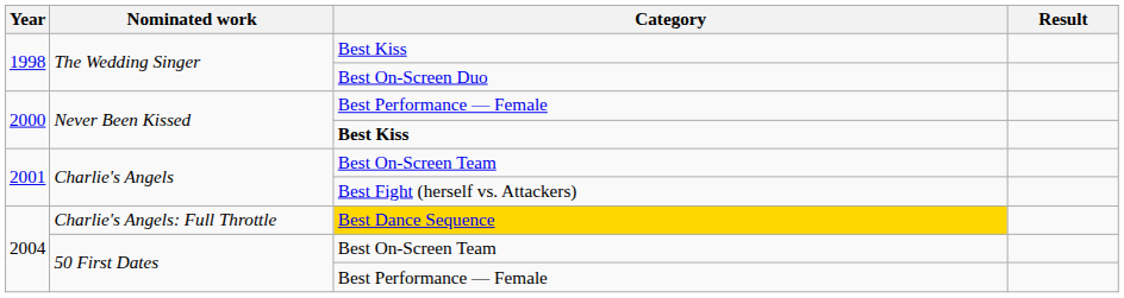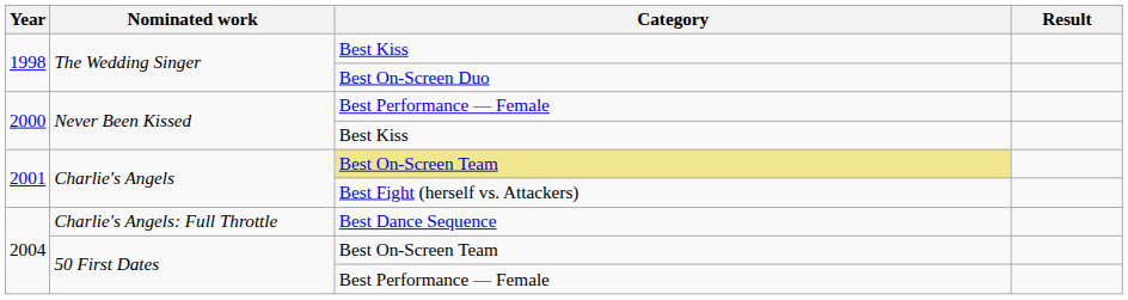 <table class=wikitable>
 <tr>
 <th width=4%>Year</th>
 <th width=25.5%>Nominated work</th>
 <th width=60.5%>Category</th>
 <th width=10%>Result</th>
 </tr>
 <tr>
 <td rowspan=2><a href='#'>1998</a></td>
 <td rowspan=2><em>The Wedding Singer</em></td>
 <td><a href='#'>Best Kiss</a></td>
 <td></td>
 </tr>
 <tr>
 <td><a href='#'>Best On-Screen Duo</a></td>
 <td></td>
 </tr>
 <tr>
 <td rowspan=2><a href='#'>2000</a></td>
 <td rowspan=2><em>Never Been Kissed</em></td>
 <td><a href='#'>Best Performance — Female</a></td>
 <td></td>
 </tr>
 <tr>
-<td><strong>Best Kiss</strong></td>
+<td>Best Kiss</td>
 <td></td>
 </tr>
 <tr>
 <td rowspan=2><a href='#'>2001</a></td>
 <td rowspan=2><em>Charlie's Angels</em></td>
-<td><a href='#'>Best On-Screen Team</a></td>
+<td style="background: khaki;"><a href='#'>Best On-Screen Team</a></td>
 <td></td>
 </tr>
 <tr>
 <td><a href='#'>Best Fight</a> (herself vs. Attackers)</td>
 <td></td>
 </tr>
 <tr>
 <td rowspan=3>2004</td>
 <td><em>Charlie's Angels: Full Throttle</em></td>
-<td style="background: gold;"><a href='#'>Best Dance Sequence</a></td>
+<td><a href='#'>Best Dance Sequence</a></td>
 <td></td>
 </tr>
 <tr>
 <td rowspan=2><em>50 First Dates</em></td>
 <td>Best On-Screen Team</td>
 <td></td>
 </tr>
 <tr>
 <td>Best Performance — Female</td>
 <td></td>
 </tr>
 </table>
